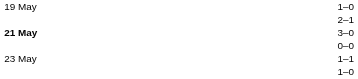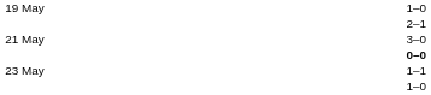 <table cellspacing=1 width=70%>
 <tr>
 <th width=25%></th>
 <th width=30%></th>
 <th width=15%></th>
 <th width=30%></th>
 </tr>
 <tr>
 <td>19 May</td>
 <td align=right></td>
 <td align=center>1–0</td>
 <td></td>
 </tr>
 <tr>
 <td></td>
 <td align=right></td>
 <td align=center>2–1</td>
 <td></td>
 </tr>
 <tr>
-<td><strong>21 May</strong></td>
+<td>21 May</td>
 <td align=right></td>
 <td align=center>3–0</td>
 <td></td>
 </tr>
 <tr>
 <td></td>
 <td align=right></td>
-<td align=center>0–0</td>
+<td align=center><strong>0–0</strong></td>
 <td></td>
 </tr>
 <tr>
 <td>23 May</td>
 <td align=right></td>
 <td align=center>1–1</td>
 <td></td>
 </tr>
 <tr>
 <td></td>
 <td align=right></td>
 <td align=center>1–0</td>
 <td></td>
 </tr>
 </table>
